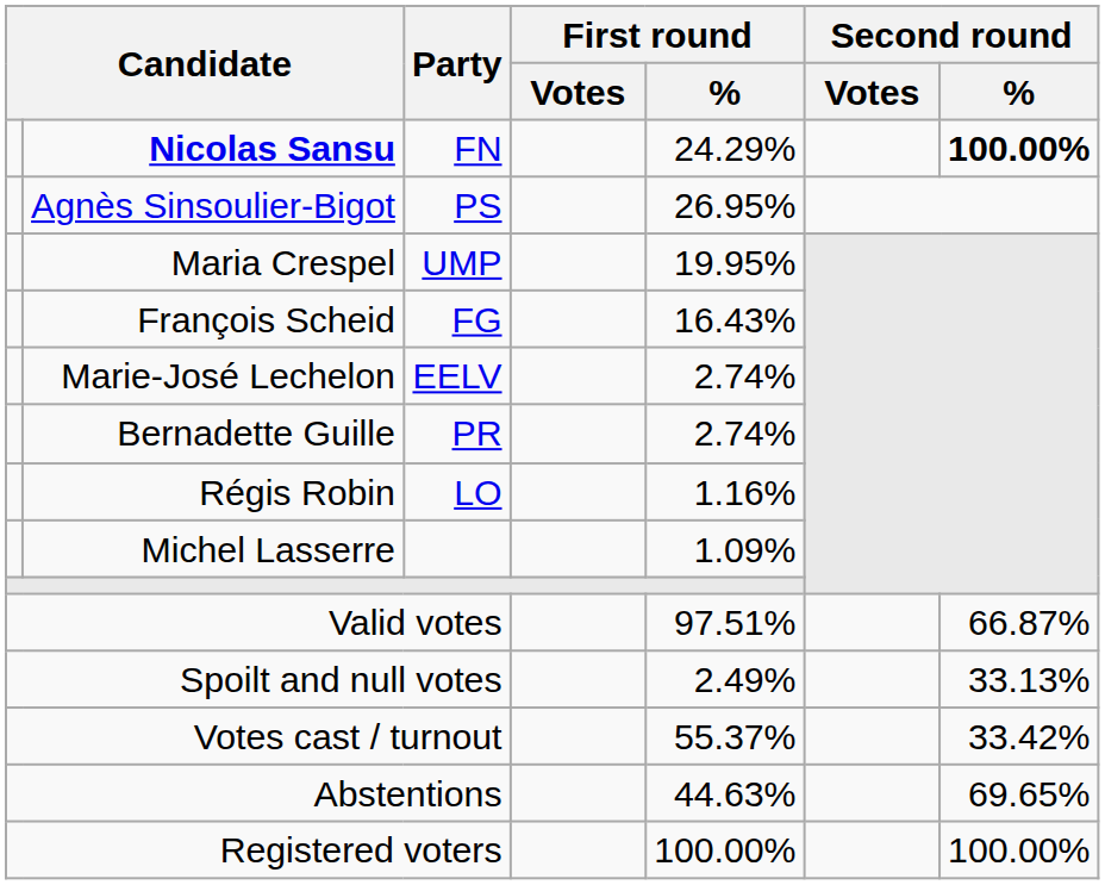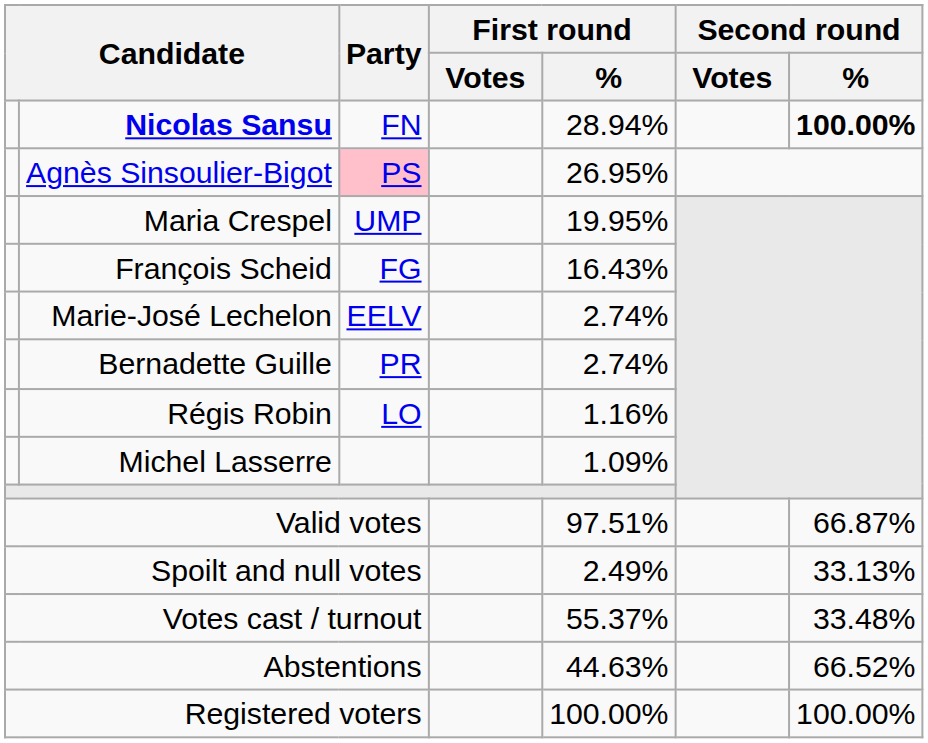 <table class="wikitable" style="text-align:right;font-size:95%;">
 <tr>
 <th colspan="2" rowspan="2">Candidate</th>
 <th colspan="1" rowspan="2">Party</th>
 <th colspan="2">First round</th>
 <th colspan="2">Second round</th>
 </tr>
 <tr>
 <th style="width:50px;">Votes</th>
 <th style="width:55px;">%</th>
 <th style="width:50px;">Votes</th>
 <th style="width:55px;">%</th>
 </tr>
 <tr>
 <td style="color:inherit;background-color:"></td>
 <td><strong><a href='#'>Nicolas Sansu</a></strong></td>
 <td><a href='#'>FN</a></td>
 <td></td>
-<td>24.29%</td>
+<td>28.94%</td>
 <td><strong></strong></td>
 <td><strong>100.00%</strong></td>
 </tr>
 <tr>
 <td style="color:inherit;background-color:"></td>
 <td><a href='#'>Agnès Sinsoulier-Bigot</a></td>
-<td><a href='#'>PS</a></td>
+<td style="background: pink;"><a href='#'>PS</a></td>
 <td></td>
 <td>26.95%</td>
 </tr>
 <tr>
 <td style="color:inherit;background-color:"></td>
 <td>Maria Crespel</td>
 <td><a href='#'>UMP</a></td>
 <td></td>
 <td>19.95%</td>
 <td colspan="7" rowspan="7" style="background-color:#E9E9E9;"></td>
 </tr>
 <tr>
 <td style="color:inherit;background-color:"></td>
 <td>François Scheid</td>
 <td><a href='#'>FG</a></td>
 <td></td>
 <td>16.43%</td>
 </tr>
 <tr>
 <td style="color:inherit;background-color:"></td>
 <td>Marie-José Lechelon</td>
 <td><a href='#'>EELV</a></td>
 <td></td>
 <td>2.74%</td>
 </tr>
 <tr>
 <td style="color:inherit;background-color:"></td>
 <td>Bernadette Guille</td>
 <td><a href='#'>PR</a></td>
 <td></td>
 <td>2.74%</td>
 </tr>
 <tr>
 <td style="color:inherit;background-color:"></td>
 <td>Régis Robin</td>
 <td><a href='#'>LO</a></td>
 <td></td>
 <td>1.16%</td>
 </tr>
 <tr>
 <td style="background-color:;"></td>
 <td>Michel Lasserre</td>
 <td></td>
 <td></td>
 <td>1.09%</td>
 </tr>
 <tr>
 <td colspan="7" style="background-color:#E9E9E9;"></td>
 </tr>
 <tr>
 <td colspan="3">Valid votes</td>
 <td></td>
 <td>97.51%</td>
 <td></td>
 <td>66.87%</td>
 </tr>
 <tr>
 <td colspan="3">Spoilt and null votes</td>
 <td></td>
 <td>2.49%</td>
 <td></td>
 <td>33.13%</td>
 </tr>
 <tr>
 <td colspan="3">Votes cast / turnout</td>
 <td></td>
 <td>55.37%</td>
 <td></td>
-<td>33.42%</td>
+<td>33.48%</td>
 </tr>
 <tr>
 <td colspan="3">Abstentions</td>
 <td></td>
 <td>44.63%</td>
 <td></td>
-<td>69.65%</td>
+<td>66.52%</td>
 </tr>
 <tr>
 <td colspan="3">Registered voters</td>
 <td></td>
 <td>100.00%</td>
 <td></td>
 <td>100.00%</td>
 </tr>
 </table>
